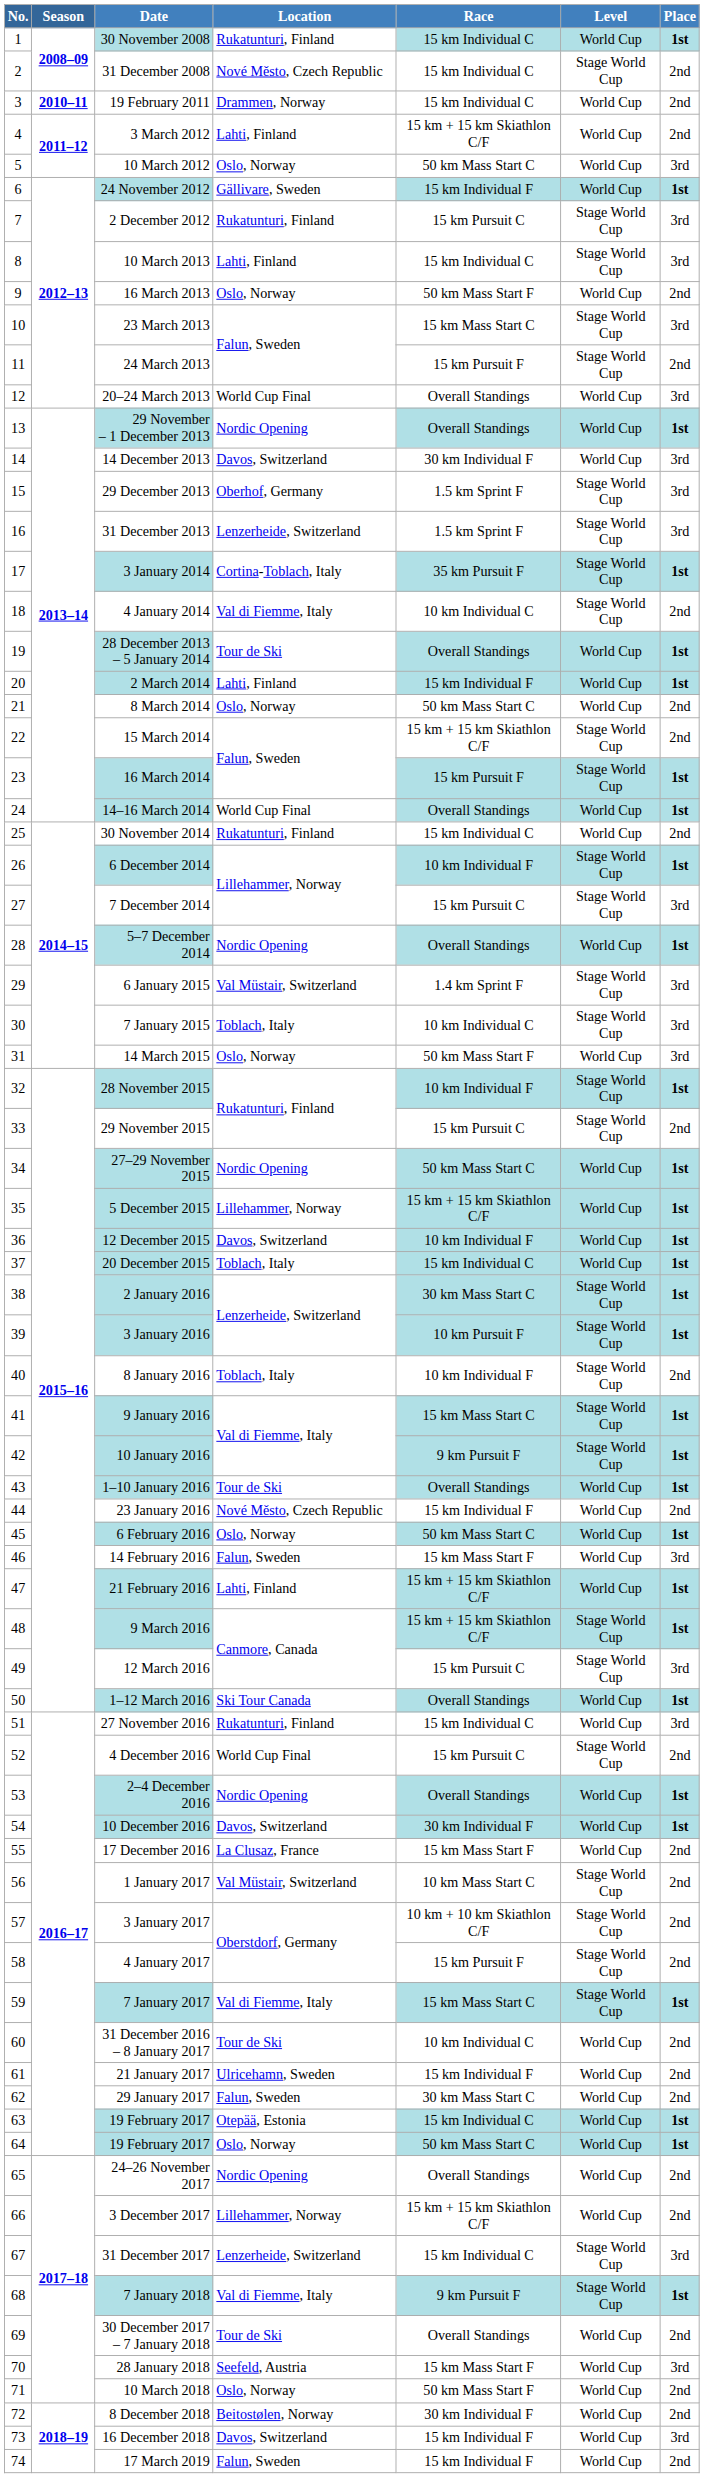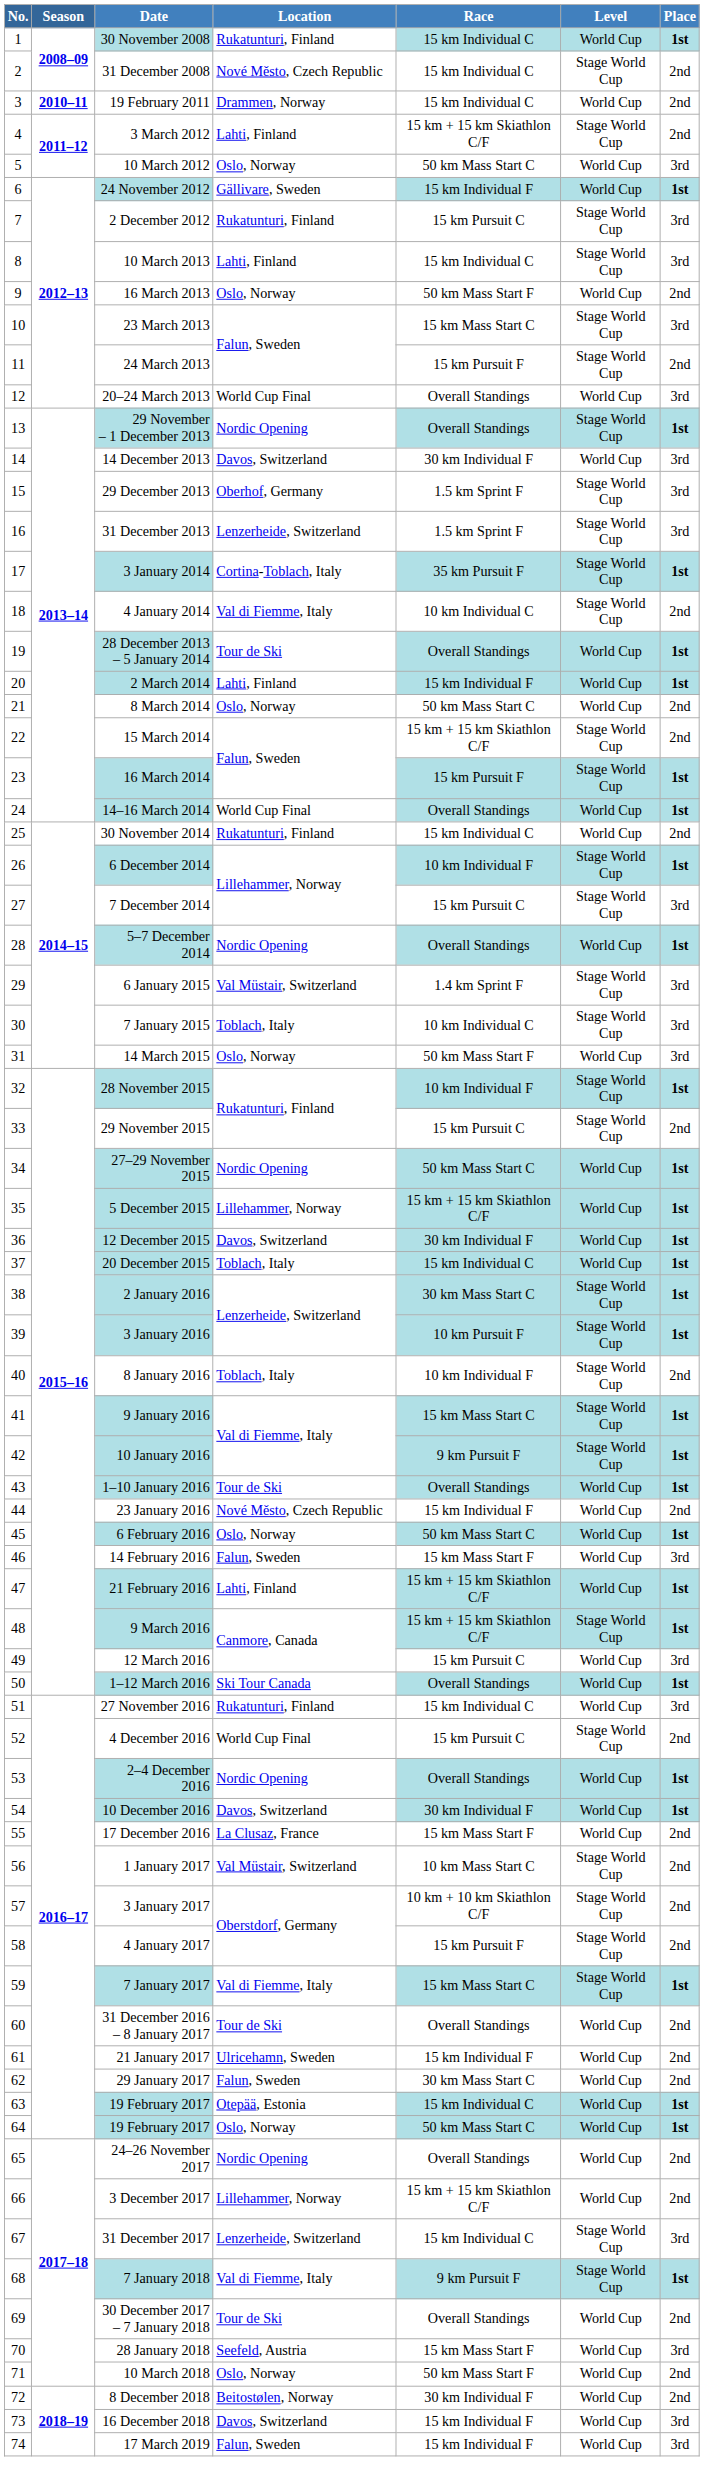 <table class="wikitable sortable" style="font-size:95%; text-align:center; border:grey solid 1px; border-collapse:collapse; background:#ffffff;">
 <tr style="background:#efefef;">
 <th style="background-color:#369; color:white;">No.</th>
 <th style="background-color:#369; color:white;">Season</th>
 <th style="background-color:#4180be; color:white; width:120px;">Date</th>
 <th style="background-color:#4180be; color:white; width:190px;">Location</th>
 <th style="background-color:#4180be; color:white; width:170px;">Race</th>
 <th style="background-color:#4180be; color:white; width:100px;">Level</th>
 <th style="background-color:#4180be; color:white;">Place</th>
 </tr>
 <tr>
 <td align=center>1</td>
 <td rowspan=2 align=center><strong><a href='#'>2008–09</a></strong></td>
 <td bgcolor="#BOEOE6" align=right>30 November 2008</td>
 <td align=left> <a href='#'>Rukatunturi</a>, Finland</td>
 <td bgcolor="#BOEOE6">15 km Individual C</td>
 <td bgcolor="#BOEOE6">World Cup</td>
 <td bgcolor="#BOEOE6"><strong>1st</strong></td>
 </tr>
 <tr>
 <td align=center>2</td>
 <td align=right>31 December 2008</td>
 <td align=left> <a href='#'>Nové Město</a>, Czech Republic</td>
 <td>15 km Individual C</td>
 <td>Stage World Cup</td>
 <td>2nd</td>
 </tr>
 <tr>
 <td align=center>3</td>
 <td rowspan=1 align=center><strong> <a href='#'>2010–11</a> </strong></td>
 <td align=right>19 February 2011</td>
 <td align=left> <a href='#'>Drammen</a>, Norway</td>
 <td>15 km Individual C</td>
 <td>World Cup</td>
 <td>2nd</td>
 </tr>
 <tr>
 <td align=center>4</td>
 <td rowspan=2 align=center><strong> <a href='#'>2011–12</a> </strong></td>
 <td align=right>3 March 2012</td>
 <td align=left> <a href='#'>Lahti</a>, Finland</td>
 <td>15 km + 15 km Skiathlon C/F</td>
-<td>World Cup</td>
+<td>Stage World Cup</td>
 <td>2nd</td>
 </tr>
 <tr>
 <td align=center>5</td>
 <td align=right>10 March 2012</td>
 <td align=left> <a href='#'>Oslo</a>, Norway</td>
 <td>50 km Mass Start C</td>
 <td>World Cup</td>
 <td>3rd</td>
 </tr>
 <tr>
 <td align=center>6</td>
 <td rowspan=7 align=center><strong><a href='#'>2012–13</a></strong></td>
 <td bgcolor="#BOEOE6" align=right>24 November 2012</td>
 <td align=left> <a href='#'>Gällivare</a>, Sweden</td>
 <td bgcolor="#BOEOE6">15 km Individual F</td>
 <td bgcolor="#BOEOE6">World Cup</td>
 <td bgcolor="#BOEOE6"><strong>1st</strong></td>
 </tr>
 <tr>
 <td align=center>7</td>
 <td align=right>2 December 2012</td>
 <td align=left> <a href='#'>Rukatunturi</a>, Finland</td>
 <td>15 km Pursuit C</td>
 <td>Stage World Cup</td>
 <td>3rd</td>
 </tr>
 <tr>
 <td align=center>8</td>
 <td align=right>10 March 2013</td>
 <td align=left> <a href='#'>Lahti</a>, Finland</td>
 <td>15 km Individual C</td>
 <td>Stage World Cup</td>
 <td>3rd</td>
 </tr>
 <tr>
 <td align=center>9</td>
 <td align=right>16 March 2013</td>
 <td align=left> <a href='#'>Oslo</a>, Norway</td>
 <td>50 km Mass Start F</td>
 <td>World Cup</td>
 <td>2nd</td>
 </tr>
 <tr>
 <td align=center>10</td>
 <td align=right>23 March 2013</td>
 <td rowspan=2 align=left> <a href='#'>Falun</a>, Sweden</td>
 <td>15 km Mass Start C</td>
 <td>Stage World Cup</td>
 <td>3rd</td>
 </tr>
 <tr>
 <td align=center>11</td>
 <td align=right>24 March 2013</td>
 <td>15 km Pursuit F</td>
 <td>Stage World Cup</td>
 <td>2nd</td>
 </tr>
 <tr>
 <td align=center>12</td>
 <td align=right>20–24 March 2013</td>
 <td align=left> World Cup Final</td>
 <td>Overall Standings</td>
 <td>World Cup</td>
 <td>3rd</td>
 </tr>
 <tr>
 <td align=center>13</td>
 <td rowspan=12 align=center><strong><a href='#'>2013–14</a></strong></td>
 <td bgcolor="#BOEOE6" align=right>29 November<br> – 1 December 2013</td>
 <td align=left> <a href='#'>Nordic Opening</a></td>
 <td bgcolor="#BOEOE6">Overall Standings</td>
-<td bgcolor="#BOEOE6">World Cup</td>
+<td bgcolor="#BOEOE6">Stage World Cup</td>
 <td bgcolor="#BOEOE6"><strong>1st</strong></td>
 </tr>
 <tr>
 <td align=center>14</td>
 <td align=right>14 December 2013</td>
 <td align=left> <a href='#'>Davos</a>, Switzerland</td>
 <td>30 km Individual F</td>
 <td>World Cup</td>
 <td>3rd</td>
 </tr>
 <tr>
 <td align=center>15</td>
 <td align=right>29 December 2013</td>
 <td align=left> <a href='#'>Oberhof</a>, Germany</td>
 <td>1.5 km Sprint F</td>
 <td>Stage World Cup</td>
 <td>3rd</td>
 </tr>
 <tr>
 <td align=center>16</td>
 <td align=right>31 December 2013</td>
 <td align=left> <a href='#'>Lenzerheide</a>, Switzerland</td>
 <td>1.5 km Sprint F</td>
 <td>Stage World Cup</td>
 <td>3rd</td>
 </tr>
 <tr>
 <td align=center>17</td>
 <td bgcolor="#BOEOE6" align=right>3 January 2014</td>
 <td align=left> <a href='#'>Cortina</a>-<a href='#'>Toblach</a>, Italy</td>
 <td bgcolor="#BOEOE6">35 km Pursuit F</td>
 <td bgcolor="#BOEOE6">Stage World Cup</td>
 <td bgcolor="#BOEOE6"><strong>1st</strong></td>
 </tr>
 <tr>
 <td align=center>18</td>
 <td align=right>4 January 2014</td>
 <td align=left> <a href='#'>Val di Fiemme</a>, Italy</td>
 <td>10 km Individual C</td>
 <td>Stage World Cup</td>
 <td>2nd</td>
 </tr>
 <tr>
 <td align=center>19</td>
 <td bgcolor="#BOEOE6" align=right>28 December 2013<br> – 5 January 2014</td>
 <td align=left> <a href='#'>Tour de Ski</a></td>
 <td bgcolor="#BOEOE6">Overall Standings</td>
 <td bgcolor="#BOEOE6">World Cup</td>
 <td bgcolor="#BOEOE6"><strong>1st</strong></td>
 </tr>
 <tr>
 <td align=center>20</td>
 <td bgcolor="#BOEOE6" align=right>2 March 2014</td>
 <td align=left> <a href='#'>Lahti</a>, Finland</td>
 <td bgcolor="#BOEOE6">15 km Individual F</td>
 <td bgcolor="#BOEOE6">World Cup</td>
 <td bgcolor="#BOEOE6"><strong>1st</strong></td>
 </tr>
 <tr>
 <td align=center>21</td>
 <td align=right>8 March 2014</td>
 <td align=left> <a href='#'>Oslo</a>, Norway</td>
 <td>50 km Mass Start C</td>
 <td>World Cup</td>
 <td>2nd</td>
 </tr>
 <tr>
 <td align=center>22</td>
 <td align=right>15 March 2014</td>
 <td rowspan=2 align=left> <a href='#'>Falun</a>, Sweden</td>
 <td>15 km + 15 km Skiathlon C/F</td>
 <td>Stage World Cup</td>
 <td>2nd</td>
 </tr>
 <tr>
 <td align=center>23</td>
 <td bgcolor="#BOEOE6" align=right>16 March 2014</td>
 <td bgcolor="#BOEOE6">15 km Pursuit F</td>
 <td bgcolor="#BOEOE6">Stage World Cup</td>
 <td bgcolor="#BOEOE6"><strong>1st</strong></td>
 </tr>
 <tr>
 <td align=center>24</td>
 <td bgcolor="#BOEOE6" align=right>14–16 March 2014</td>
 <td align=left> World Cup Final</td>
 <td bgcolor="#BOEOE6">Overall Standings</td>
 <td bgcolor="#BOEOE6">World Cup</td>
 <td bgcolor="#BOEOE6"><strong>1st</strong></td>
 </tr>
 <tr>
 <td align=center>25</td>
 <td rowspan=7 align=center><strong> <a href='#'>2014–15</a> </strong></td>
 <td align=right>30 November 2014</td>
 <td align=left> <a href='#'>Rukatunturi</a>, Finland</td>
 <td>15 km Individual C</td>
 <td>World Cup</td>
 <td>2nd</td>
 </tr>
 <tr>
 <td align=center>26</td>
 <td bgcolor="#BOEOE6" align=right>6 December 2014</td>
 <td rowspan=2 align=left> <a href='#'>Lillehammer</a>, Norway</td>
 <td bgcolor="#BOEOE6">10 km Individual F</td>
 <td bgcolor="#BOEOE6">Stage World Cup</td>
 <td bgcolor="#BOEOE6"><strong>1st</strong></td>
 </tr>
 <tr>
 <td align=center>27</td>
 <td align=right>7 December 2014</td>
 <td>15 km Pursuit C</td>
 <td>Stage World Cup</td>
 <td>3rd</td>
 </tr>
 <tr>
 <td align=center>28</td>
 <td bgcolor="#BOEOE6" align=right>5–7 December 2014</td>
 <td align=left> <a href='#'>Nordic Opening</a></td>
 <td bgcolor="#BOEOE6">Overall Standings</td>
 <td bgcolor="#BOEOE6">World Cup</td>
 <td bgcolor="#BOEOE6"><strong>1st</strong></td>
 </tr>
 <tr>
 <td align=center>29</td>
 <td align=right>6 January 2015</td>
 <td align=left> <a href='#'>Val Müstair</a>, Switzerland</td>
 <td>1.4 km Sprint F</td>
 <td>Stage World Cup</td>
 <td>3rd</td>
 </tr>
 <tr>
 <td align=center>30</td>
 <td align=right>7 January 2015</td>
 <td align=left> <a href='#'>Toblach</a>, Italy</td>
 <td>10 km Individual C</td>
 <td>Stage World Cup</td>
 <td>3rd</td>
 </tr>
 <tr>
 <td align=center>31</td>
 <td align=right>14 March 2015</td>
 <td align=left> <a href='#'>Oslo</a>, Norway</td>
 <td>50 km Mass Start F</td>
 <td>World Cup</td>
 <td>3rd</td>
 </tr>
 <tr>
 <td align=center>32</td>
 <td rowspan=19align=center><strong><a href='#'>2015–16</a></strong></td>
 <td bgcolor="#BOEOE6" align=right>28 November 2015</td>
 <td rowspan=2 align=left> <a href='#'>Rukatunturi</a>, Finland</td>
 <td bgcolor="#BOEOE6">10 km Individual F</td>
 <td bgcolor="#BOEOE6">Stage World Cup</td>
 <td bgcolor="#BOEOE6"><strong>1st</strong></td>
 </tr>
 <tr>
 <td align=center>33</td>
 <td align=right>29 November 2015</td>
 <td>15 km Pursuit C</td>
 <td>Stage World Cup</td>
 <td>2nd</td>
 </tr>
 <tr>
 <td align=center>34</td>
 <td bgcolor="#BOEOE6" align=right>27–29 November 2015</td>
 <td align=left> <a href='#'>Nordic Opening</a></td>
 <td bgcolor="#BOEOE6">50 km Mass Start C</td>
 <td bgcolor="#BOEOE6">World Cup</td>
 <td bgcolor="#BOEOE6"><strong>1st</strong></td>
 </tr>
 <tr>
 <td align=center>35</td>
 <td bgcolor="#BOEOE6" align=right>5 December 2015</td>
 <td align=left> <a href='#'>Lillehammer</a>, Norway</td>
 <td bgcolor="#BOEOE6">15 km + 15 km Skiathlon C/F</td>
 <td bgcolor="#BOEOE6">World Cup</td>
 <td bgcolor="#BOEOE6"><strong>1st</strong></td>
 </tr>
 <tr>
 <td align=center>36</td>
 <td bgcolor="#BOEOE6" align=right>12 December 2015</td>
 <td align=left> <a href='#'>Davos</a>, Switzerland</td>
-<td bgcolor="#BOEOE6">10 km Individual F</td>
+<td bgcolor="#BOEOE6">30 km Individual F</td>
 <td bgcolor="#BOEOE6">World Cup</td>
 <td bgcolor="#BOEOE6"><strong>1st</strong></td>
 </tr>
 <tr>
 <td align=center>37</td>
 <td bgcolor="#BOEOE6" align=right>20 December 2015</td>
 <td align=left> <a href='#'>Toblach</a>, Italy</td>
 <td bgcolor="#BOEOE6">15 km Individual C</td>
 <td bgcolor="#BOEOE6">World Cup</td>
 <td bgcolor="#BOEOE6"><strong>1st</strong></td>
 </tr>
 <tr>
 <td align=center>38</td>
 <td bgcolor="#BOEOE6" align=right>2 January 2016</td>
 <td rowspan=2 align=left> <a href='#'>Lenzerheide</a>, Switzerland</td>
 <td bgcolor="#BOEOE6">30 km Mass Start C</td>
 <td bgcolor="#BOEOE6">Stage World Cup</td>
 <td bgcolor="#BOEOE6"><strong>1st</strong></td>
 </tr>
 <tr>
 <td align=center>39</td>
 <td bgcolor="#BOEOE6" align=right>3 January 2016</td>
 <td bgcolor="#BOEOE6">10 km Pursuit F</td>
 <td bgcolor="#BOEOE6">Stage World Cup</td>
 <td bgcolor="#BOEOE6"><strong>1st</strong></td>
 </tr>
 <tr>
 <td align=center>40</td>
 <td align=right>8 January 2016</td>
 <td align=left> <a href='#'>Toblach</a>, Italy</td>
 <td>10 km Individual F</td>
 <td>Stage World Cup</td>
 <td>2nd</td>
 </tr>
 <tr>
 <td align=center>41</td>
 <td bgcolor="#BOEOE6" align=right>9 January 2016</td>
 <td rowspan=2 align=left> <a href='#'>Val di Fiemme</a>, Italy</td>
 <td bgcolor="#BOEOE6">15 km Mass Start C</td>
 <td bgcolor="#BOEOE6">Stage World Cup</td>
 <td bgcolor="#BOEOE6"><strong>1st</strong></td>
 </tr>
 <tr>
 <td align=center>42</td>
 <td bgcolor="#BOEOE6" align=right>10 January 2016</td>
 <td bgcolor="#BOEOE6">9 km Pursuit F</td>
 <td bgcolor="#BOEOE6">Stage World Cup</td>
 <td bgcolor="#BOEOE6"><strong>1st</strong></td>
 </tr>
 <tr>
 <td align=center>43</td>
 <td bgcolor="#BOEOE6" align=right>1–10 January 2016</td>
 <td align=left> <a href='#'>Tour de Ski</a></td>
 <td bgcolor="#BOEOE6">Overall Standings</td>
 <td bgcolor="#BOEOE6">World Cup</td>
 <td bgcolor="#BOEOE6"><strong>1st</strong></td>
 </tr>
 <tr>
 <td align=center>44</td>
 <td align=right>23 January 2016</td>
 <td align=left> <a href='#'>Nové Město</a>, Czech Republic</td>
 <td>15 km Individual F</td>
 <td>World Cup</td>
 <td>2nd</td>
 </tr>
 <tr>
 <td align=center>45</td>
 <td bgcolor="#BOEOE6" align=right>6 February 2016</td>
 <td align=left> <a href='#'>Oslo</a>, Norway</td>
 <td bgcolor="#BOEOE6">50 km Mass Start C</td>
 <td bgcolor="#BOEOE6">World Cup</td>
 <td bgcolor="#BOEOE6"><strong>1st</strong></td>
 </tr>
 <tr>
 <td align=center>46</td>
 <td align=right>14 February 2016</td>
 <td align=left> <a href='#'>Falun</a>, Sweden</td>
 <td>15 km Mass Start F</td>
 <td>World Cup</td>
 <td>3rd</td>
 </tr>
 <tr>
 <td align=center>47</td>
 <td bgcolor="#BOEOE6" align=right>21 February 2016</td>
 <td align=left> <a href='#'>Lahti</a>, Finland</td>
 <td bgcolor="#BOEOE6">15 km + 15 km Skiathlon C/F</td>
 <td bgcolor="#BOEOE6">World Cup</td>
 <td bgcolor="#BOEOE6"><strong>1st</strong></td>
 </tr>
 <tr>
 <td align=center>48</td>
 <td bgcolor="#BOEOE6" align=right>9 March 2016</td>
 <td rowspan=2 align=left> <a href='#'>Canmore</a>, Canada</td>
 <td bgcolor="#BOEOE6">15 km + 15 km Skiathlon C/F</td>
 <td bgcolor="#BOEOE6">Stage World Cup</td>
 <td bgcolor="#BOEOE6"><strong>1st</strong></td>
 </tr>
 <tr>
 <td align=center>49</td>
 <td align=right>12 March 2016</td>
 <td>15 km Pursuit C</td>
-<td>Stage World Cup</td>
+<td>World Cup</td>
 <td>3rd</td>
 </tr>
 <tr>
 <td align=center>50</td>
 <td bgcolor="#BOEOE6" align=right>1–12 March 2016</td>
 <td align=left> <a href='#'>Ski Tour Canada</a></td>
 <td bgcolor="#BOEOE6">Overall Standings</td>
 <td bgcolor="#BOEOE6">World Cup</td>
 <td bgcolor="#BOEOE6"><strong>1st</strong></td>
 </tr>
 <tr>
 <td align=center>51</td>
 <td rowspan=14 align=center><strong> <a href='#'>2016–17</a> </strong></td>
 <td align=right>27 November 2016</td>
 <td align=left> <a href='#'>Rukatunturi</a>, Finland</td>
 <td>15 km Individual C</td>
 <td>World Cup</td>
 <td>3rd</td>
 </tr>
 <tr>
 <td align=center>52</td>
 <td align=right>4 December 2016</td>
 <td align=left> World Cup Final</td>
 <td>15 km Pursuit C</td>
 <td>Stage World Cup</td>
 <td>2nd</td>
 </tr>
 <tr>
 <td align=center>53</td>
 <td bgcolor="#BOEOE6" align=right>2–4 December 2016</td>
 <td align=left> <a href='#'>Nordic Opening</a></td>
 <td bgcolor="#BOEOE6">Overall Standings</td>
 <td bgcolor="#BOEOE6">World Cup</td>
 <td bgcolor="#BOEOE6"><strong>1st</strong></td>
 </tr>
 <tr>
 <td align=center>54</td>
 <td bgcolor="#BOEOE6" align=right>10 December 2016</td>
 <td align=left> <a href='#'>Davos</a>, Switzerland</td>
 <td bgcolor="#BOEOE6">30 km Individual F</td>
 <td bgcolor="#BOEOE6">World Cup</td>
 <td bgcolor="#BOEOE6"><strong>1st</strong></td>
 </tr>
 <tr>
 <td align=center>55</td>
 <td align=right>17 December 2016</td>
 <td align=left> <a href='#'>La Clusaz</a>, France</td>
 <td>15 km Mass Start F</td>
 <td>World Cup</td>
 <td>2nd</td>
 </tr>
 <tr>
 <td align=center>56</td>
 <td align=right>1 January 2017</td>
 <td align=left> <a href='#'>Val Müstair</a>, Switzerland</td>
 <td>10 km Mass Start C</td>
 <td>Stage World Cup</td>
 <td>2nd</td>
 </tr>
 <tr>
 <td align=center>57</td>
 <td align=right>3 January 2017</td>
 <td rowspan=2 align=left> <a href='#'>Oberstdorf</a>, Germany</td>
 <td>10 km + 10 km Skiathlon C/F</td>
 <td>Stage World Cup</td>
 <td>2nd</td>
 </tr>
 <tr>
 <td align=center>58</td>
 <td align=right>4 January 2017</td>
 <td>15 km Pursuit F</td>
 <td>Stage World Cup</td>
 <td>2nd</td>
 </tr>
 <tr>
 <td align=center>59</td>
 <td bgcolor="#BOEOE6" align=right>7 January 2017</td>
 <td align=left> <a href='#'>Val di Fiemme</a>, Italy</td>
 <td bgcolor="#BOEOE6">15 km Mass Start C</td>
 <td bgcolor="#BOEOE6">Stage World Cup</td>
 <td bgcolor="#BOEOE6"><strong>1st</strong></td>
 </tr>
 <tr>
 <td align=center>60</td>
 <td align=right>31 December 2016<br> – 8 January 2017</td>
 <td align=left> <a href='#'>Tour de Ski</a></td>
-<td>10 km Individual C</td>
+<td>Overall Standings</td>
 <td>World Cup</td>
 <td>2nd</td>
 </tr>
 <tr>
 <td align=center>61</td>
 <td align=right>21 January 2017</td>
 <td align=left> <a href='#'>Ulricehamn</a>, Sweden</td>
 <td>15 km Individual F</td>
 <td>World Cup</td>
 <td>2nd</td>
 </tr>
 <tr>
 <td align=center>62</td>
 <td align=right>29 January 2017</td>
 <td align=left> <a href='#'>Falun</a>, Sweden</td>
 <td>30 km Mass Start C</td>
 <td>World Cup</td>
 <td>2nd</td>
 </tr>
 <tr>
 <td align=center>63</td>
 <td bgcolor="#BOEOE6" align=right>19 February 2017</td>
 <td align=left> <a href='#'>Otepää</a>, Estonia</td>
 <td bgcolor="#BOEOE6">15 km Individual C</td>
 <td bgcolor="#BOEOE6">World Cup</td>
 <td bgcolor="#BOEOE6"><strong>1st</strong></td>
 </tr>
 <tr>
 <td align=center>64</td>
 <td bgcolor="#BOEOE6" align=right>19 February 2017</td>
 <td align=left> <a href='#'>Oslo</a>, Norway</td>
 <td bgcolor="#BOEOE6">50 km Mass Start C</td>
 <td bgcolor="#BOEOE6">World Cup</td>
 <td bgcolor="#BOEOE6"><strong>1st</strong></td>
 </tr>
 <tr>
 <td align=center>65</td>
 <td rowspan=7 align=center><strong> <a href='#'>2017–18</a> </strong></td>
 <td align=right>24–26 November 2017</td>
 <td align=left> <a href='#'>Nordic Opening</a></td>
 <td>Overall Standings</td>
 <td>World Cup</td>
 <td>2nd</td>
 </tr>
 <tr>
 <td align=center>66</td>
 <td align=right>3 December 2017</td>
 <td align=left> <a href='#'>Lillehammer</a>, Norway</td>
 <td>15 km + 15 km Skiathlon C/F</td>
 <td>World Cup</td>
 <td>2nd</td>
 </tr>
 <tr>
 <td align=center>67</td>
 <td align=right>31 December 2017</td>
 <td align=left> <a href='#'>Lenzerheide</a>, Switzerland</td>
 <td>15 km Individual C</td>
 <td>Stage World Cup</td>
 <td>3rd</td>
 </tr>
 <tr>
 <td align=center>68</td>
 <td bgcolor="#BOEOE6" align=right>7 January 2018</td>
 <td align=left> <a href='#'>Val di Fiemme</a>, Italy</td>
 <td bgcolor="#BOEOE6">9 km Pursuit F</td>
 <td bgcolor="#BOEOE6">Stage World Cup</td>
 <td bgcolor="#BOEOE6"><strong>1st</strong></td>
 </tr>
 <tr>
 <td align=center>69</td>
 <td align=right>30 December 2017<br> – 7 January 2018</td>
 <td align=left> <a href='#'>Tour de Ski</a></td>
 <td>Overall Standings</td>
 <td>World Cup</td>
 <td>2nd</td>
 </tr>
 <tr>
 <td align=center>70</td>
 <td align=right>28 January 2018</td>
 <td align=left> <a href='#'>Seefeld</a>, Austria</td>
 <td>15 km Mass Start F</td>
 <td>World Cup</td>
 <td>3rd</td>
 </tr>
 <tr>
 <td align=center>71</td>
 <td align=right>10 March 2018</td>
 <td align=left> <a href='#'>Oslo</a>, Norway</td>
 <td>50 km Mass Start F</td>
 <td>World Cup</td>
 <td>2nd</td>
 </tr>
 <tr>
 <td align=center>72</td>
 <td rowspan="3" align="center"><strong> <a href='#'>2018–19</a> </strong></td>
 <td align=right>8 December 2018</td>
 <td align=left> <a href='#'>Beitostølen</a>, Norway</td>
 <td>30 km Individual F</td>
 <td>World Cup</td>
 <td>2nd</td>
 </tr>
 <tr>
 <td align=center>73</td>
 <td align=right>16 December 2018</td>
 <td align=left> <a href='#'>Davos</a>, Switzerland</td>
 <td>15 km Individual F</td>
 <td>World Cup</td>
 <td>3rd</td>
 </tr>
 <tr>
 <td align=center>74</td>
 <td align=right>17 March 2019</td>
 <td align=left> <a href='#'>Falun</a>, Sweden</td>
 <td>15 km Individual F</td>
 <td>World Cup</td>
-<td>2nd</td>
+<td>3rd</td>
 </tr>
 </table>
